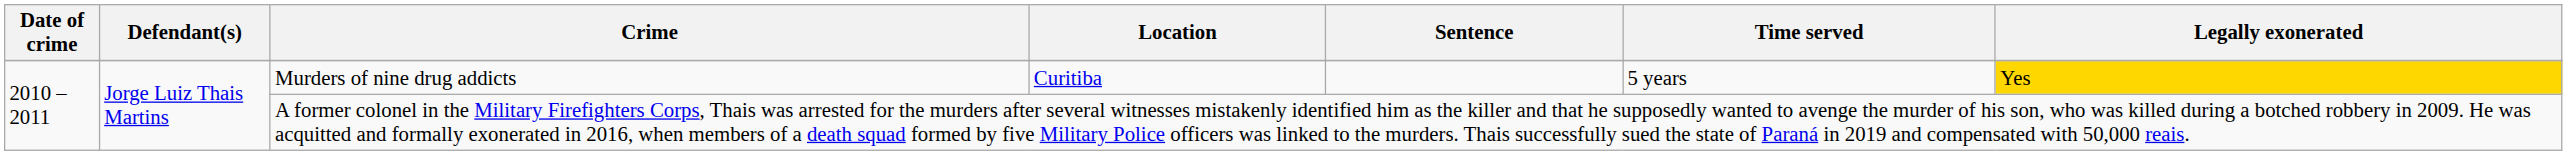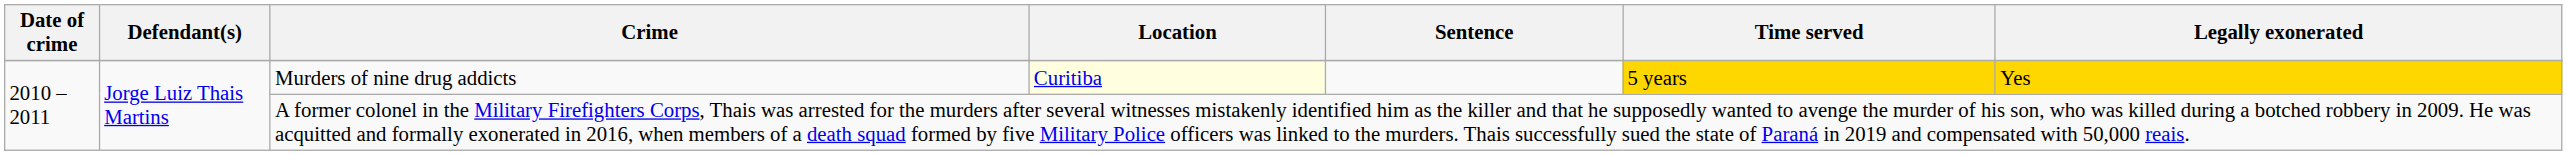 <table class="wikitable sortable">
 <tr>
 <th>Date of crime</th>
 <th>Defendant(s)</th>
 <th>Crime</th>
 <th>Location</th>
 <th>Sentence</th>
 <th>Time served</th>
 <th>Legally exonerated</th>
 </tr>
 <tr>
 </tr>
 <tr ->
 <td rowspan="2">2010 – 2011</td>
 <td rowspan="2"><a href='#'>Jorge Luiz Thais Martins</a></td>
 <td>Murders of nine drug addicts</td>
-<td><a href='#'>Curitiba</a></td>
+<td style="background: lightyellow;"><a href='#'>Curitiba</a></td>
 <td></td>
-<td>5 years</td>
+<td style="background: gold;">5 years</td>
 <td style="background: gold;">Yes</td>
 </tr>
 <tr>
 <td colspan=5>A former colonel in the <a href='#'>Military Firefighters Corps</a>, Thais was arrested for the murders after several witnesses mistakenly identified him as the killer and that he supposedly wanted to avenge the murder of his son, who was killed during a botched robbery in 2009. He was acquitted and formally exonerated in 2016, when members of a <a href='#'>death squad</a> formed by five <a href='#'>Military Police</a> officers was linked to the murders. Thais successfully sued the state of <a href='#'>Paraná</a> in 2019 and compensated with 50,000 <a href='#'>reais</a>.</td>
 </tr>
 </table>
